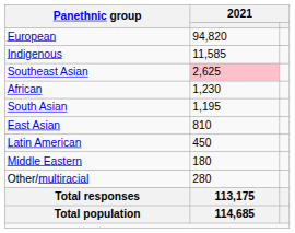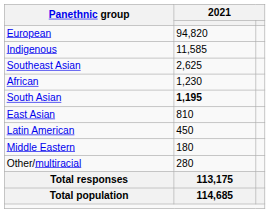 <table class="wikitable collapsible sortable">
 <tr>
 <th rowspan="2"><a href='#'>Panethnic</a> group</th>
 <th colspan="2">2021</th>
 </tr>
 <tr>
 <th><a href='#'></a></th>
 <th></th>
 </tr>
 <tr>
 <td><a href='#'>European</a></td>
 <td>94,820</td>
 <td></td>
 </tr>
 <tr>
 <td><a href='#'>Indigenous</a></td>
 <td>11,585</td>
 <td></td>
 </tr>
 <tr>
 <td><a href='#'>Southeast Asian</a></td>
-<td style="background: pink;">2,625</td>
+<td>2,625</td>
 <td></td>
 </tr>
 <tr>
 <td><a href='#'>African</a></td>
 <td>1,230</td>
 <td></td>
 </tr>
 <tr>
 <td><a href='#'>South Asian</a></td>
-<td>1,195</td>
+<td><strong>1,195</strong></td>
 <td></td>
 </tr>
 <tr>
 <td><a href='#'>East Asian</a></td>
 <td>810</td>
 <td></td>
 </tr>
 <tr>
 <td><a href='#'>Latin American</a></td>
 <td>450</td>
 <td></td>
 </tr>
 <tr>
 <td><a href='#'>Middle Eastern</a></td>
 <td>180</td>
 <td></td>
 </tr>
 <tr>
 <td>Other/<a href='#'>multiracial</a></td>
 <td>280</td>
 <td></td>
 </tr>
 <tr>
 <th>Total responses</th>
 <th>113,175</th>
 <th></th>
 </tr>
 <tr class="sortbottom">
 <th>Total population</th>
 <th>114,685</th>
 <th></th>
 </tr>
 <tr class="sortbottom">
 <td colspan="15" style="width: 25em;"></td>
 </tr>
 </table>
